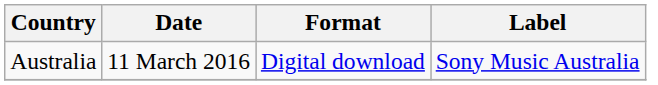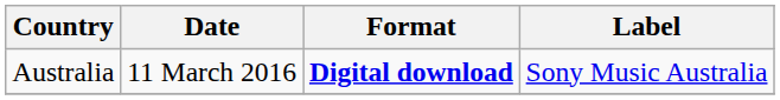 <table class="wikitable plainrowheaders">
 <tr>
 <th scope="col">Country</th>
 <th scope="col">Date</th>
 <th scope="col">Format</th>
 <th scope="col">Label</th>
 </tr>
 <tr>
 <td>Australia</td>
 <td>11 March 2016 </td>
-<td><a href='#'>Digital download</a></td>
+<td><strong><a href='#'>Digital download</a></strong></td>
 <td><a href='#'>Sony Music Australia</a></td>
 </tr>
 <tr>
 </tr>
 </table>
